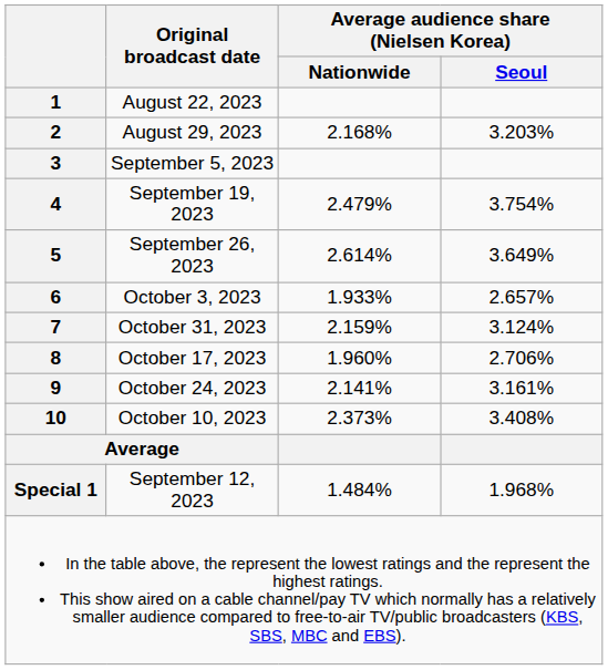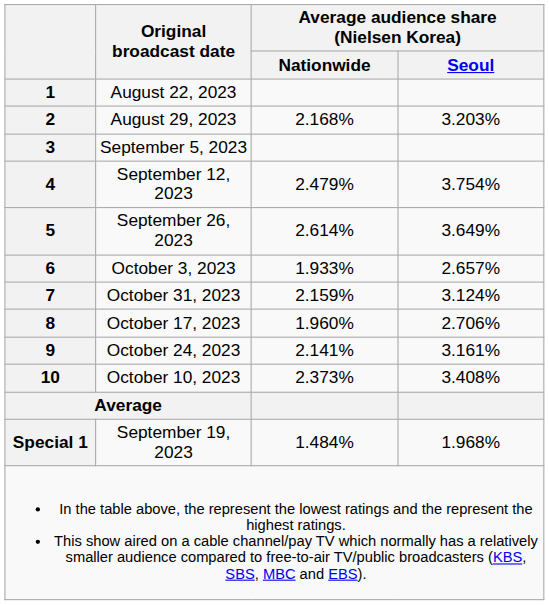 <table class="wikitable" style="text-align:center;max-width:500px; margin-left: auto; margin-right: auto; border: none;">
 <tr>
 <th scope="col" rowspan="2"></th>
 <th scope="col" rowspan="2">Original broadcast date</th>
 <th scope="col" colspan="2">Average audience share<br>(Nielsen Korea)</th>
 </tr>
 <tr>
 <th scope="col" style="width:8em">Nationwide</th>
 <th scope="col" style="width:8em"><a href='#'>Seoul</a></th>
 </tr>
 <tr>
 <th scope="row">1</th>
 <td>August 22, 2023</td>
 <td><strong></strong> </td>
 <td><strong></strong> </td>
 </tr>
 <tr>
 <th scope="row">2</th>
 <td>August 29, 2023</td>
 <td>2.168% </td>
 <td>3.203% </td>
 </tr>
 <tr>
 <th scope="row">3</th>
 <td>September 5, 2023</td>
 <td><strong></strong> </td>
 <td><strong></strong> </td>
 </tr>
 <tr>
 <th scope="row">4</th>
-<td>September 19, 2023</td>
+<td>September 12, 2023</td>
 <td>2.479% </td>
 <td>3.754% </td>
 </tr>
 <tr>
 <th scope="row">5</th>
 <td>September 26, 2023</td>
 <td>2.614% </td>
 <td>3.649% </td>
 </tr>
 <tr>
 <th scope="row">6</th>
 <td>October 3, 2023</td>
 <td>1.933% </td>
 <td>2.657% </td>
 </tr>
 <tr>
 <th scope="row">7</th>
 <td>October 31, 2023</td>
 <td>2.159% </td>
 <td>3.124% </td>
 </tr>
 <tr>
 <th scope="row">8</th>
 <td>October 17, 2023</td>
 <td>1.960% </td>
 <td>2.706% </td>
 </tr>
 <tr>
 <th scope="row">9</th>
 <td>October 24, 2023</td>
 <td>2.141% </td>
 <td>3.161% </td>
 </tr>
 <tr>
 <th scope="row">10</th>
 <td>October 10, 2023</td>
 <td>2.373% </td>
 <td>3.408% </td>
 </tr>
 <tr>
 <th colspan="2">Average</th>
 <th></th>
 <th></th>
 </tr>
 <tr>
 <th scope="row">Special 1</th>
-<td>September 12, 2023</td>
+<td>September 19, 2023</td>
 <td>1.484% </td>
 <td>1.968% </td>
 </tr>
 <tr>
 <td colspan="4" style="font-size:85%"><br><ul><li>In the table above, the  represent the lowest ratings and the  represent the highest ratings.</li><li>This show aired on a cable channel/pay TV which normally has a relatively smaller audience compared to free-to-air TV/public broadcasters (<a href='#'>KBS</a>, <a href='#'>SBS</a>, <a href='#'>MBC</a> and <a href='#'>EBS</a>).</li></ul></td>
 </tr>
 </table>
